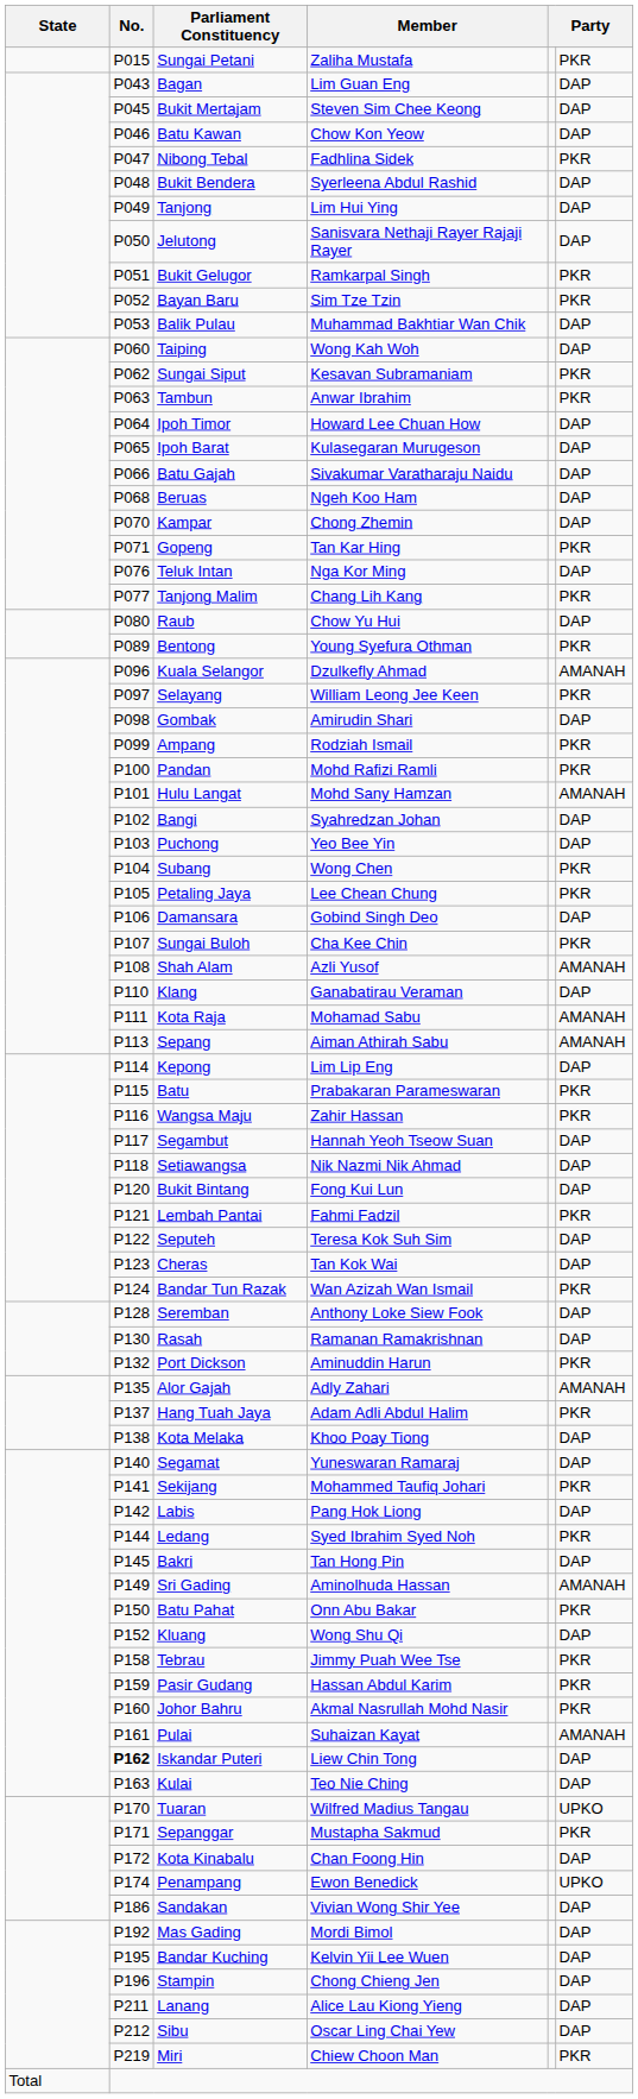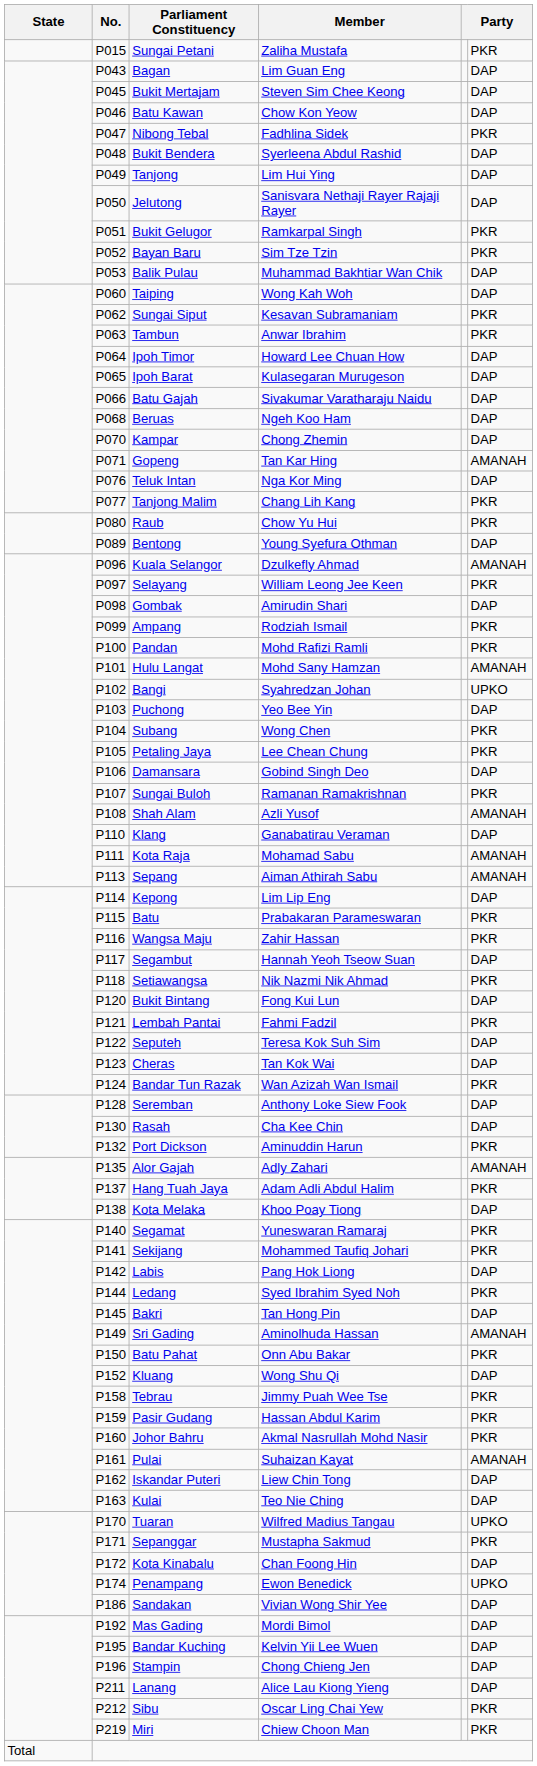 <table class ="wikitable sortable">
 <tr>
 <th style="width:100px;">State</th>
 <th style="width:30px;">No.</th>
 <th style="width:150px;">Parliament Constituency</th>
 <th style="width:240px;">Member</th>
 <th style="width:80px;" colspan=2>Party</th>
 </tr>
 <tr>
 <td></td>
 <td>P015</td>
 <td><a href='#'>Sungai Petani</a></td>
 <td><a href='#'>Zaliha Mustafa</a></td>
 <td></td>
 <td>PKR</td>
 </tr>
 <tr>
 <td rowspan="10"></td>
 <td>P043</td>
 <td><a href='#'>Bagan</a></td>
 <td><a href='#'>Lim Guan Eng</a></td>
 <td></td>
 <td>DAP</td>
 </tr>
 <tr>
 <td>P045</td>
 <td><a href='#'>Bukit Mertajam</a></td>
 <td><a href='#'>Steven Sim Chee Keong</a></td>
 <td></td>
 <td>DAP</td>
 </tr>
 <tr>
 <td>P046</td>
 <td><a href='#'>Batu Kawan</a></td>
 <td><a href='#'>Chow Kon Yeow</a></td>
 <td></td>
 <td>DAP</td>
 </tr>
 <tr>
 <td>P047</td>
 <td><a href='#'>Nibong Tebal</a></td>
 <td><a href='#'>Fadhlina Sidek</a></td>
 <td></td>
 <td>PKR</td>
 </tr>
 <tr>
 <td>P048</td>
 <td><a href='#'>Bukit Bendera</a></td>
 <td><a href='#'>Syerleena Abdul Rashid</a></td>
 <td></td>
 <td>DAP</td>
 </tr>
 <tr>
 <td>P049</td>
 <td><a href='#'>Tanjong</a></td>
 <td><a href='#'>Lim Hui Ying</a></td>
 <td></td>
 <td>DAP</td>
 </tr>
 <tr>
 <td>P050</td>
 <td><a href='#'>Jelutong</a></td>
 <td><a href='#'>Sanisvara Nethaji Rayer Rajaji Rayer</a></td>
 <td></td>
 <td>DAP</td>
 </tr>
 <tr>
 <td>P051</td>
 <td><a href='#'>Bukit Gelugor</a></td>
 <td><a href='#'>Ramkarpal Singh</a></td>
 <td></td>
 <td>PKR</td>
 </tr>
 <tr>
 <td>P052</td>
 <td><a href='#'>Bayan Baru</a></td>
 <td><a href='#'>Sim Tze Tzin</a></td>
 <td></td>
 <td>PKR</td>
 </tr>
 <tr>
 <td>P053</td>
 <td><a href='#'>Balik Pulau</a></td>
 <td><a href='#'>Muhammad Bakhtiar Wan Chik</a></td>
 <td></td>
 <td>DAP</td>
 </tr>
 <tr>
 <td rowspan="11"></td>
 <td>P060</td>
 <td><a href='#'>Taiping</a></td>
 <td><a href='#'>Wong Kah Woh</a></td>
 <td></td>
 <td>DAP</td>
 </tr>
 <tr>
 <td>P062</td>
 <td><a href='#'>Sungai Siput</a></td>
 <td><a href='#'>Kesavan Subramaniam</a></td>
 <td></td>
 <td>PKR</td>
 </tr>
 <tr>
 <td>P063</td>
 <td><a href='#'>Tambun</a></td>
 <td><a href='#'>Anwar Ibrahim</a></td>
 <td></td>
 <td>PKR</td>
 </tr>
 <tr>
 <td>P064</td>
 <td><a href='#'>Ipoh Timor</a></td>
 <td><a href='#'>Howard Lee Chuan How</a></td>
 <td></td>
 <td>DAP</td>
 </tr>
 <tr>
 <td>P065</td>
 <td><a href='#'>Ipoh Barat</a></td>
 <td><a href='#'>Kulasegaran Murugeson</a></td>
 <td></td>
 <td>DAP</td>
 </tr>
 <tr>
 <td>P066</td>
 <td><a href='#'>Batu Gajah</a></td>
 <td><a href='#'>Sivakumar Varatharaju Naidu</a></td>
 <td></td>
 <td>DAP</td>
 </tr>
 <tr>
 <td>P068</td>
 <td><a href='#'>Beruas</a></td>
 <td><a href='#'>Ngeh Koo Ham</a></td>
 <td></td>
 <td>DAP</td>
 </tr>
 <tr>
 <td>P070</td>
 <td><a href='#'>Kampar</a></td>
 <td><a href='#'>Chong Zhemin</a></td>
 <td></td>
 <td>DAP</td>
 </tr>
 <tr>
 <td>P071</td>
 <td><a href='#'>Gopeng</a></td>
 <td><a href='#'>Tan Kar Hing</a></td>
 <td></td>
-<td>PKR</td>
+<td>AMANAH</td>
 </tr>
 <tr>
 <td>P076</td>
 <td><a href='#'>Teluk Intan</a></td>
 <td><a href='#'>Nga Kor Ming</a></td>
 <td></td>
 <td>DAP</td>
 </tr>
 <tr>
 <td>P077</td>
 <td><a href='#'>Tanjong Malim</a></td>
 <td><a href='#'>Chang Lih Kang</a></td>
 <td></td>
 <td>PKR</td>
 </tr>
 <tr>
 <td rowspan="2"></td>
 <td>P080</td>
 <td><a href='#'>Raub</a></td>
 <td><a href='#'>Chow Yu Hui</a></td>
 <td></td>
-<td>DAP</td>
+<td>PKR</td>
 </tr>
 <tr>
 <td>P089</td>
 <td><a href='#'>Bentong</a></td>
 <td><a href='#'>Young Syefura Othman</a></td>
 <td></td>
-<td>PKR</td>
+<td>DAP</td>
 </tr>
 <tr>
 <td rowspan="16"></td>
 <td>P096</td>
 <td><a href='#'>Kuala Selangor</a></td>
 <td><a href='#'>Dzulkefly Ahmad</a></td>
 <td></td>
 <td>AMANAH</td>
 </tr>
 <tr>
 <td>P097</td>
 <td><a href='#'>Selayang</a></td>
 <td><a href='#'>William Leong Jee Keen</a></td>
 <td></td>
 <td>PKR</td>
 </tr>
 <tr>
 <td>P098</td>
 <td><a href='#'>Gombak</a></td>
 <td><a href='#'>Amirudin Shari</a></td>
 <td></td>
 <td>DAP</td>
 </tr>
 <tr>
 <td>P099</td>
 <td><a href='#'>Ampang</a></td>
 <td><a href='#'>Rodziah Ismail</a></td>
 <td></td>
 <td>PKR</td>
 </tr>
 <tr>
 <td>P100</td>
 <td><a href='#'>Pandan</a></td>
 <td><a href='#'>Mohd Rafizi Ramli</a></td>
 <td></td>
 <td>PKR</td>
 </tr>
 <tr>
 <td>P101</td>
 <td><a href='#'>Hulu Langat</a></td>
 <td><a href='#'>Mohd Sany Hamzan</a></td>
 <td></td>
 <td>AMANAH</td>
 </tr>
 <tr>
 <td>P102</td>
 <td><a href='#'>Bangi</a></td>
 <td><a href='#'>Syahredzan Johan</a></td>
 <td></td>
-<td>DAP</td>
+<td>UPKO</td>
 </tr>
 <tr>
 <td>P103</td>
 <td><a href='#'>Puchong</a></td>
 <td><a href='#'>Yeo Bee Yin</a></td>
 <td></td>
 <td>DAP</td>
 </tr>
 <tr>
 <td>P104</td>
 <td><a href='#'>Subang</a></td>
 <td><a href='#'>Wong Chen</a></td>
 <td></td>
 <td>PKR</td>
 </tr>
 <tr>
 <td>P105</td>
 <td><a href='#'>Petaling Jaya</a></td>
 <td><a href='#'>Lee Chean Chung</a></td>
 <td></td>
 <td>PKR</td>
 </tr>
 <tr>
 <td>P106</td>
 <td><a href='#'>Damansara</a></td>
 <td><a href='#'>Gobind Singh Deo</a></td>
 <td></td>
 <td>DAP</td>
 </tr>
 <tr>
 <td>P107</td>
 <td><a href='#'>Sungai Buloh</a></td>
-<td><a href='#'>Cha Kee Chin</a></td>
+<td><a href='#'>Ramanan Ramakrishnan</a></td>
 <td></td>
 <td>PKR</td>
 </tr>
 <tr>
 <td>P108</td>
 <td><a href='#'>Shah Alam</a></td>
 <td><a href='#'>Azli Yusof</a></td>
 <td></td>
 <td>AMANAH</td>
 </tr>
 <tr>
 <td>P110</td>
 <td><a href='#'>Klang</a></td>
 <td><a href='#'>Ganabatirau Veraman</a></td>
 <td></td>
 <td>DAP</td>
 </tr>
 <tr>
 <td>P111</td>
 <td><a href='#'>Kota Raja</a></td>
 <td><a href='#'>Mohamad Sabu</a></td>
 <td></td>
 <td>AMANAH</td>
 </tr>
 <tr>
 <td>P113</td>
 <td><a href='#'>Sepang</a></td>
 <td><a href='#'>Aiman Athirah Sabu</a></td>
 <td></td>
 <td>AMANAH</td>
 </tr>
 <tr>
 <td rowspan="10"></td>
 <td>P114</td>
 <td><a href='#'>Kepong</a></td>
 <td><a href='#'>Lim Lip Eng</a></td>
 <td></td>
 <td>DAP</td>
 </tr>
 <tr>
 <td>P115</td>
 <td><a href='#'>Batu</a></td>
 <td><a href='#'>Prabakaran Parameswaran</a></td>
 <td></td>
 <td>PKR</td>
 </tr>
 <tr>
 <td>P116</td>
 <td><a href='#'>Wangsa Maju</a></td>
 <td><a href='#'>Zahir Hassan</a></td>
 <td></td>
 <td>PKR</td>
 </tr>
 <tr>
 <td>P117</td>
 <td><a href='#'>Segambut</a></td>
 <td><a href='#'>Hannah Yeoh Tseow Suan</a></td>
 <td></td>
 <td>DAP</td>
 </tr>
 <tr>
 <td>P118</td>
 <td><a href='#'>Setiawangsa</a></td>
 <td><a href='#'>Nik Nazmi Nik Ahmad</a></td>
 <td></td>
-<td>DAP</td>
+<td>PKR</td>
 </tr>
 <tr>
 <td>P120</td>
 <td><a href='#'>Bukit Bintang</a></td>
 <td><a href='#'>Fong Kui Lun</a></td>
 <td></td>
 <td>DAP</td>
 </tr>
 <tr>
 <td>P121</td>
 <td><a href='#'>Lembah Pantai</a></td>
 <td><a href='#'>Fahmi Fadzil</a></td>
 <td></td>
 <td>PKR</td>
 </tr>
 <tr>
 <td>P122</td>
 <td><a href='#'>Seputeh</a></td>
 <td><a href='#'>Teresa Kok Suh Sim</a></td>
 <td></td>
 <td>DAP</td>
 </tr>
 <tr>
 <td>P123</td>
 <td><a href='#'>Cheras</a></td>
 <td><a href='#'>Tan Kok Wai</a></td>
 <td></td>
 <td>DAP</td>
 </tr>
 <tr>
 <td>P124</td>
 <td><a href='#'>Bandar Tun Razak</a></td>
 <td><a href='#'>Wan Azizah Wan Ismail</a></td>
 <td></td>
 <td>PKR</td>
 </tr>
 <tr>
 <td rowspan="3"></td>
 <td>P128</td>
 <td><a href='#'>Seremban</a></td>
 <td><a href='#'>Anthony Loke Siew Fook</a></td>
 <td></td>
 <td>DAP</td>
 </tr>
 <tr>
 <td>P130</td>
 <td><a href='#'>Rasah</a></td>
-<td><a href='#'>Ramanan Ramakrishnan</a></td>
+<td><a href='#'>Cha Kee Chin</a></td>
 <td></td>
 <td>DAP</td>
 </tr>
 <tr>
 <td>P132</td>
 <td><a href='#'>Port Dickson</a></td>
 <td><a href='#'>Aminuddin Harun</a></td>
 <td></td>
 <td>PKR</td>
 </tr>
 <tr>
 <td rowspan="3"></td>
 <td>P135</td>
 <td><a href='#'>Alor Gajah</a></td>
 <td><a href='#'>Adly Zahari</a></td>
 <td></td>
 <td>AMANAH</td>
 </tr>
 <tr>
 <td>P137</td>
 <td><a href='#'>Hang Tuah Jaya</a></td>
 <td><a href='#'>Adam Adli Abdul Halim</a></td>
 <td></td>
 <td>PKR</td>
 </tr>
 <tr>
 <td>P138</td>
 <td><a href='#'>Kota Melaka</a></td>
 <td><a href='#'>Khoo Poay Tiong</a></td>
 <td></td>
 <td>DAP</td>
 </tr>
 <tr>
 <td rowspan="14"></td>
 <td>P140</td>
 <td><a href='#'>Segamat</a></td>
 <td><a href='#'>Yuneswaran Ramaraj</a></td>
 <td></td>
-<td>DAP</td>
+<td>PKR</td>
 </tr>
 <tr>
 <td>P141</td>
 <td><a href='#'>Sekijang</a></td>
 <td><a href='#'>Mohammed Taufiq Johari</a></td>
 <td></td>
 <td>PKR</td>
 </tr>
 <tr>
 <td>P142</td>
 <td><a href='#'>Labis</a></td>
 <td><a href='#'>Pang Hok Liong</a></td>
 <td></td>
 <td>DAP</td>
 </tr>
 <tr>
 <td>P144</td>
 <td><a href='#'>Ledang</a></td>
 <td><a href='#'>Syed Ibrahim Syed Noh</a></td>
 <td></td>
 <td>PKR</td>
 </tr>
 <tr>
 <td>P145</td>
 <td><a href='#'>Bakri</a></td>
 <td><a href='#'>Tan Hong Pin</a></td>
 <td></td>
 <td>DAP</td>
 </tr>
 <tr>
 <td>P149</td>
 <td><a href='#'>Sri Gading</a></td>
 <td><a href='#'>Aminolhuda Hassan</a></td>
 <td></td>
 <td>AMANAH</td>
 </tr>
 <tr>
 <td>P150</td>
 <td><a href='#'>Batu Pahat</a></td>
 <td><a href='#'>Onn Abu Bakar</a></td>
 <td></td>
 <td>PKR</td>
 </tr>
 <tr>
 <td>P152</td>
 <td><a href='#'>Kluang</a></td>
 <td><a href='#'>Wong Shu Qi</a></td>
 <td></td>
 <td>DAP</td>
 </tr>
 <tr>
 <td>P158</td>
 <td><a href='#'>Tebrau</a></td>
 <td><a href='#'>Jimmy Puah Wee Tse</a></td>
 <td></td>
 <td>PKR</td>
 </tr>
 <tr>
 <td>P159</td>
 <td><a href='#'>Pasir Gudang</a></td>
 <td><a href='#'>Hassan Abdul Karim</a></td>
 <td></td>
 <td>PKR</td>
 </tr>
 <tr>
 <td>P160</td>
 <td><a href='#'>Johor Bahru</a></td>
 <td><a href='#'>Akmal Nasrullah Mohd Nasir</a></td>
 <td></td>
 <td>PKR</td>
 </tr>
 <tr>
 <td>P161</td>
 <td><a href='#'>Pulai</a></td>
 <td><a href='#'>Suhaizan Kayat</a></td>
 <td></td>
 <td>AMANAH</td>
 </tr>
 <tr>
-<td><strong>P162</strong></td>
+<td>P162</td>
 <td><a href='#'>Iskandar Puteri</a></td>
 <td><a href='#'>Liew Chin Tong</a></td>
 <td></td>
 <td>DAP</td>
 </tr>
 <tr>
 <td>P163</td>
 <td><a href='#'>Kulai</a></td>
 <td><a href='#'>Teo Nie Ching</a></td>
 <td></td>
 <td>DAP</td>
 </tr>
 <tr>
 <td rowspan="5"></td>
 <td>P170</td>
 <td><a href='#'>Tuaran</a></td>
 <td><a href='#'>Wilfred Madius Tangau</a></td>
 <td></td>
 <td>UPKO</td>
 </tr>
 <tr>
 <td>P171</td>
 <td><a href='#'>Sepanggar</a></td>
 <td><a href='#'>Mustapha Sakmud</a></td>
 <td></td>
 <td>PKR</td>
 </tr>
 <tr>
 <td>P172</td>
 <td><a href='#'>Kota Kinabalu</a></td>
 <td><a href='#'>Chan Foong Hin</a></td>
 <td></td>
 <td>DAP</td>
 </tr>
 <tr>
 <td>P174</td>
 <td><a href='#'>Penampang</a></td>
 <td><a href='#'>Ewon Benedick</a></td>
 <td></td>
 <td>UPKO</td>
 </tr>
 <tr>
 <td>P186</td>
 <td><a href='#'>Sandakan</a></td>
 <td><a href='#'>Vivian Wong Shir Yee</a></td>
 <td></td>
 <td>DAP</td>
 </tr>
 <tr>
 <td rowspan="6"></td>
 <td>P192</td>
 <td><a href='#'>Mas Gading</a></td>
 <td><a href='#'>Mordi Bimol</a></td>
 <td></td>
 <td>DAP</td>
 </tr>
 <tr>
 <td>P195</td>
 <td><a href='#'>Bandar Kuching</a></td>
 <td><a href='#'>Kelvin Yii Lee Wuen</a></td>
 <td></td>
 <td>DAP</td>
 </tr>
 <tr>
 <td>P196</td>
 <td><a href='#'>Stampin</a></td>
 <td><a href='#'>Chong Chieng Jen</a></td>
 <td></td>
 <td>DAP</td>
 </tr>
 <tr>
 <td>P211</td>
 <td><a href='#'>Lanang</a></td>
 <td><a href='#'>Alice Lau Kiong Yieng</a></td>
 <td></td>
 <td>DAP</td>
 </tr>
 <tr>
 <td>P212</td>
 <td><a href='#'>Sibu</a></td>
 <td><a href='#'>Oscar Ling Chai Yew</a></td>
 <td></td>
-<td>DAP</td>
+<td>PKR</td>
 </tr>
 <tr>
 <td>P219</td>
 <td><a href='#'>Miri</a></td>
 <td><a href='#'>Chiew Choon Man</a></td>
 <td></td>
 <td>PKR</td>
 </tr>
 <tr>
 <td>Total</td>
 <td colspan="5" style="width:30px;"></td>
 </tr>
 </table>
